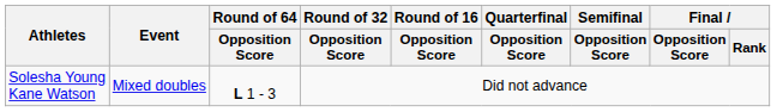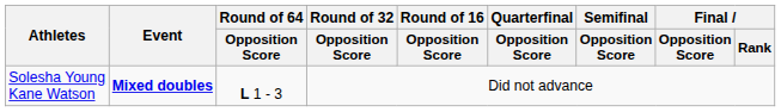 <table class=wikitable style=font-size:88%;text-align:center>
 <tr>
 <th rowspan=2>Athletes</th>
 <th rowspan=2>Event</th>
 <th>Round of 64</th>
 <th>Round of 32</th>
 <th>Round of 16</th>
 <th>Quarterfinal</th>
 <th>Semifinal</th>
 <th colspan=2>Final / </th>
 </tr>
 <tr style=font-size:95%>
 <th>Opposition<br>Score</th>
 <th>Opposition<br>Score</th>
 <th>Opposition<br>Score</th>
 <th>Opposition<br>Score</th>
 <th>Opposition<br>Score</th>
 <th>Opposition<br>Score</th>
 <th>Rank</th>
 </tr>
 <tr>
 <td align=left><a href='#'>Solesha Young</a><br><a href='#'>Kane Watson</a></td>
-<td align=left><a href='#'>Mixed doubles</a></td>
+<td align=left><strong><a href='#'>Mixed doubles</a></strong></td>
 <td><br><strong>L</strong> 1 - 3</td>
 <td colspan=6>Did not advance</td>
 </tr>
 </table>
